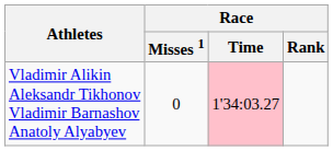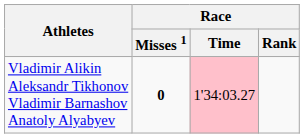 <table class="wikitable" border="1" style="font-size:90%">
 <tr>
 <th rowspan=2>Athletes</th>
 <th colspan=3>Race</th>
 </tr>
 <tr>
 <th>Misses <sup>1</sup></th>
 <th>Time</th>
 <th>Rank</th>
 </tr>
 <tr>
 <td><a href='#'>Vladimir Alikin</a><br><a href='#'>Aleksandr Tikhonov</a><br><a href='#'>Vladimir Barnashov</a><br><a href='#'>Anatoly Alyabyev</a></td>
-<td align=center>0</td>
+<td align=center><strong>0</strong></td>
 <td align=center style="background: pink;">1'34:03.27</td>
 <td align=center></td>
 </tr>
 </table>
